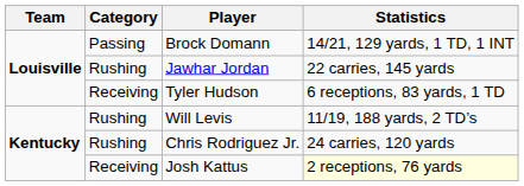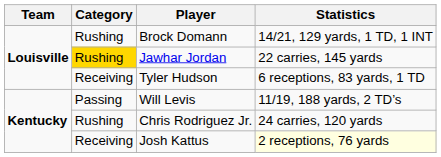 <table class="wikitable" style="float: right;">
 <tr>
 <th>Team</th>
 <th>Category</th>
 <th>Player</th>
 <th>Statistics</th>
 </tr>
 <tr>
 <td rowspan=3><strong>Louisville</strong></td>
-<td>Passing</td>
+<td>Rushing</td>
 <td>Brock Domann</td>
 <td>14/21, 129 yards, 1 TD, 1 INT</td>
 </tr>
 <tr>
-<td>Rushing</td>
+<td style="background: gold;">Rushing</td>
 <td><a href='#'>Jawhar Jordan</a></td>
 <td>22 carries, 145 yards</td>
 </tr>
 <tr>
 <td>Receiving</td>
 <td>Tyler Hudson</td>
 <td>6 receptions, 83 yards, 1 TD</td>
 </tr>
 <tr>
 <td rowspan=3><strong>Kentucky</strong></td>
-<td>Rushing</td>
+<td>Passing</td>
 <td>Will Levis</td>
 <td>11/19, 188 yards, 2 TD’s</td>
 </tr>
 <tr>
 <td>Rushing</td>
 <td>Chris Rodriguez Jr.</td>
 <td>24 carries, 120 yards</td>
 </tr>
 <tr>
 <td>Receiving</td>
 <td>Josh Kattus</td>
 <td style="background: lightyellow;">2 receptions, 76 yards</td>
 </tr>
 </table>
